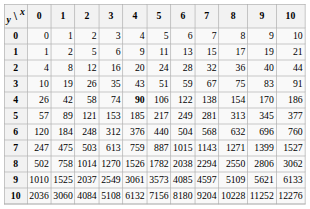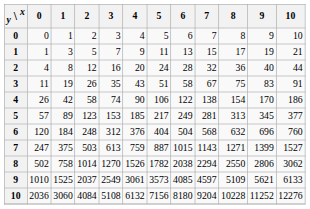 <table class="wikitable" style="text-align:right; font-size:95%">
 <tr>
 <th><big><em><sub>y</sub></em> \ <em><sup>x</sup></em></big></th>
 <th>0</th>
 <th>1</th>
 <th>2</th>
 <th>3</th>
 <th>4</th>
 <th>5</th>
 <th>6</th>
 <th>7</th>
 <th>8</th>
 <th>9</th>
 <th>10</th>
 </tr>
 <tr>
 <th>0</th>
 <td>0</td>
 <td>1</td>
 <td>2</td>
 <td>3</td>
 <td>4</td>
 <td>5</td>
 <td>6</td>
 <td>7</td>
 <td>8</td>
 <td>9</td>
 <td>10</td>
 </tr>
 <tr>
 <th>1</th>
 <td>1</td>
-<td>2</td>
+<td>3</td>
 <td>5</td>
-<td>6</td>
+<td>7</td>
 <td>9</td>
 <td>11</td>
 <td>13</td>
 <td>15</td>
 <td>17</td>
 <td>19</td>
 <td>21</td>
 </tr>
 <tr>
 <th>2</th>
 <td>4</td>
 <td>8</td>
 <td>12</td>
 <td>16</td>
 <td>20</td>
 <td>24</td>
 <td>28</td>
 <td>32</td>
 <td>36</td>
 <td>40</td>
 <td>44</td>
 </tr>
 <tr>
 <th>3</th>
-<td>10</td>
+<td>11</td>
 <td>19</td>
 <td>26</td>
 <td>35</td>
 <td>43</td>
 <td>51</td>
-<td>59</td>
+<td>58</td>
 <td>67</td>
 <td>75</td>
 <td>83</td>
 <td>91</td>
 </tr>
 <tr>
 <th>4</th>
 <td>26</td>
 <td>42</td>
 <td>58</td>
 <td>74</td>
-<td><strong>90</strong></td>
+<td>90</td>
 <td>106</td>
 <td>122</td>
 <td>138</td>
 <td>154</td>
 <td>170</td>
 <td>186</td>
 </tr>
 <tr>
 <th>5</th>
 <td>57</td>
 <td>89</td>
-<td>121</td>
+<td>123</td>
 <td>153</td>
 <td>185</td>
 <td>217</td>
 <td>249</td>
 <td>281</td>
 <td>313</td>
 <td>345</td>
 <td>377</td>
 </tr>
 <tr>
 <th>6</th>
 <td>120</td>
 <td>184</td>
 <td>248</td>
 <td>312</td>
 <td>376</td>
-<td>440</td>
+<td>404</td>
 <td>504</td>
 <td>568</td>
 <td>632</td>
 <td>696</td>
 <td>760</td>
 </tr>
 <tr>
 <th>7</th>
 <td>247</td>
-<td>475</td>
+<td>375</td>
 <td>503</td>
 <td>613</td>
 <td>759</td>
 <td>887</td>
 <td>1015</td>
 <td>1143</td>
 <td>1271</td>
 <td>1399</td>
 <td>1527</td>
 </tr>
 <tr>
 <th>8</th>
 <td>502</td>
 <td>758</td>
 <td>1014</td>
 <td>1270</td>
 <td>1526</td>
 <td>1782</td>
 <td>2038</td>
 <td>2294</td>
 <td>2550</td>
 <td>2806</td>
 <td>3062</td>
 </tr>
 <tr>
 <th>9</th>
 <td>1010</td>
 <td>1525</td>
 <td>2037</td>
 <td>2549</td>
 <td>3061</td>
 <td>3573</td>
 <td>4085</td>
 <td>4597</td>
 <td>5109</td>
 <td>5621</td>
 <td>6133</td>
 </tr>
 <tr>
 <th>10</th>
 <td>2036</td>
 <td>3060</td>
 <td>4084</td>
 <td>5108</td>
 <td>6132</td>
 <td>7156</td>
 <td>8180</td>
 <td>9204</td>
 <td>10228</td>
 <td>11252</td>
 <td>12276</td>
 </tr>
 <tr>
 </tr>
 </table>
